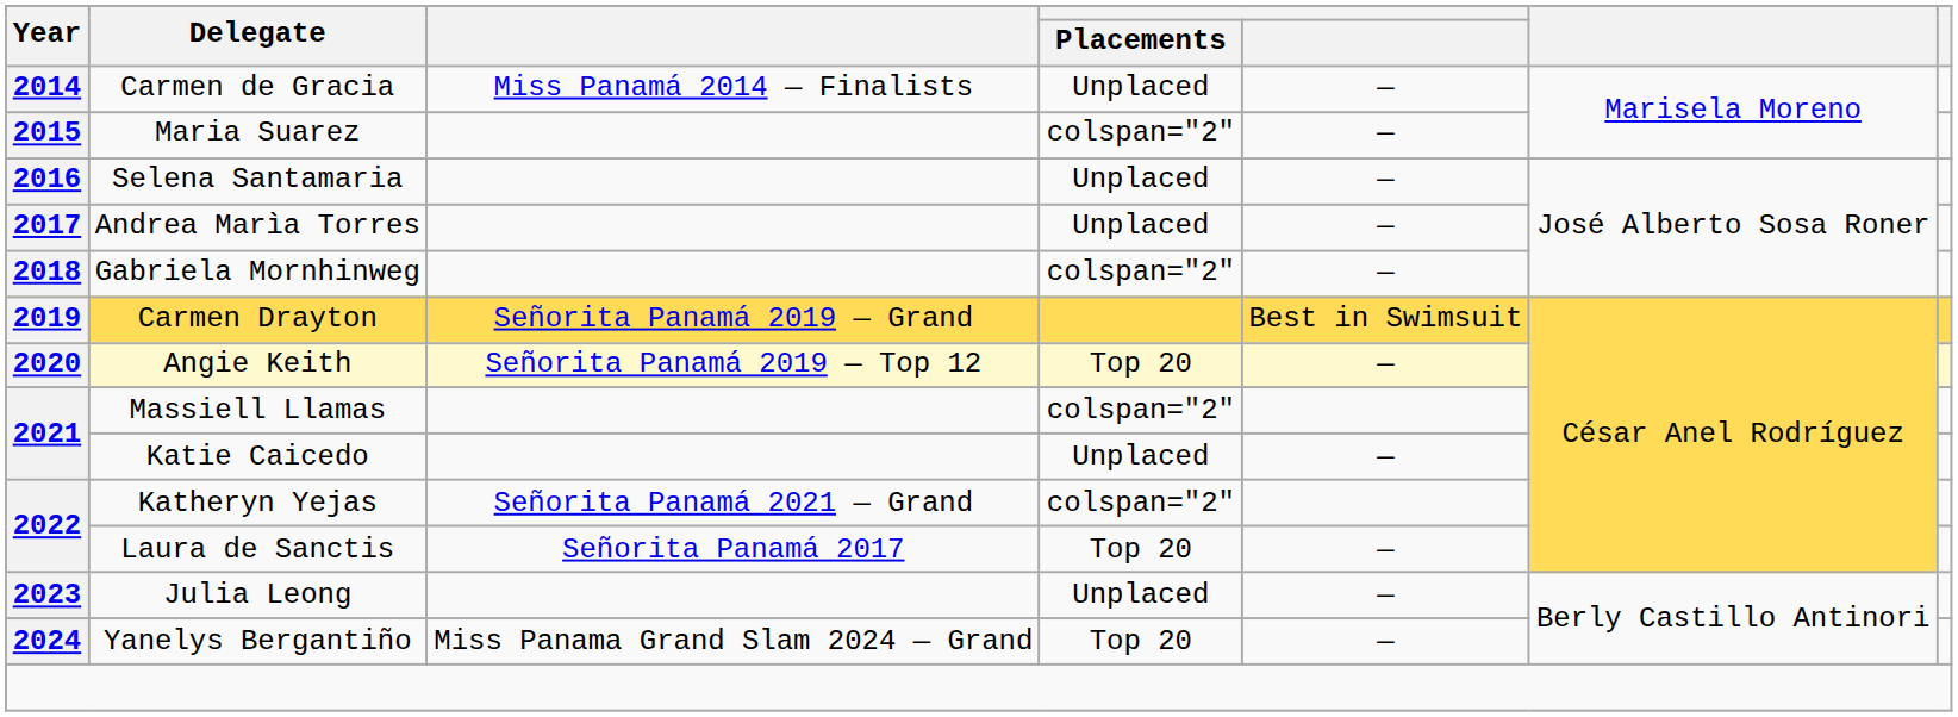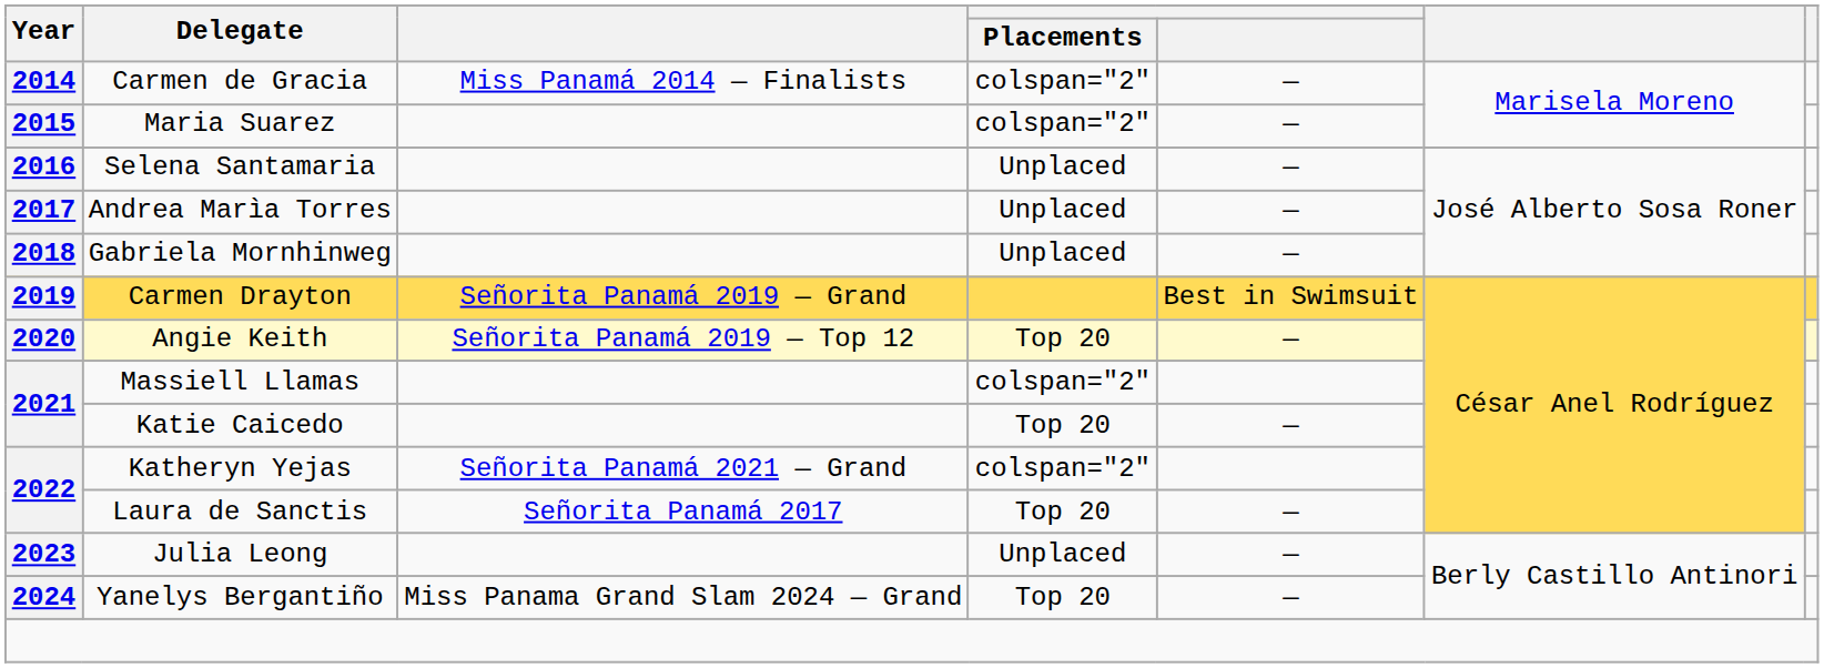 <table class="wikitable" style="font-size:95%; text-align:center">
 <tr>
 <th rowspan="2">Year</th>
 <th rowspan="2">Delegate</th>
 <th rowspan="2"></th>
 <th colspan="2"></th>
 <th rowspan="2"></th>
 <th rowspan="2"></th>
 </tr>
 <tr>
 <th>Placements</th>
 <th></th>
 </tr>
 <tr>
 <th><a href='#'>2014</a></th>
 <td>Carmen de Gracia</td>
 <td><a href='#'>Miss Panamá 2014</a> — Finalists</td>
-<td>Unplaced</td>
+<td>colspan="2" </td>
 <td>—</td>
 <td rowspan=2><a href='#'>Marisela Moreno</a></td>
 <td></td>
 </tr>
 <tr>
 <th><a href='#'>2015</a></th>
 <td>Maria Suarez</td>
 <td></td>
 <td>colspan="2" </td>
 <td>—</td>
 <td></td>
 </tr>
 <tr>
 <th><a href='#'>2016</a></th>
 <td>Selena Santamaria</td>
 <td></td>
 <td>Unplaced</td>
 <td>—</td>
 <td rowspan=3>José Alberto Sosa Roner</td>
 <td></td>
 </tr>
 <tr>
 <th><a href='#'>2017</a></th>
 <td>Andrea Marìa Torres</td>
 <td></td>
 <td>Unplaced</td>
 <td>—</td>
 <td></td>
 </tr>
 <tr>
 <th><a href='#'>2018</a></th>
 <td>Gabriela Mornhinweg</td>
 <td></td>
-<td>colspan="2" </td>
+<td>Unplaced</td>
 <td>—</td>
 <td></td>
 </tr>
 <tr bgcolor=#FFDB58>
 <th><a href='#'>2019</a></th>
 <td>Carmen Drayton</td>
 <td><a href='#'>Señorita Panamá 2019</a> — Grand</td>
 <td></td>
 <td>Best in Swimsuit</td>
 <td rowspan=6>César Anel Rodríguez</td>
 <td></td>
 </tr>
 <tr bgcolor=#FFFACD>
 <th><a href='#'>2020</a></th>
 <td>Angie Keith</td>
 <td><a href='#'>Señorita Panamá 2019</a> — Top 12</td>
 <td>Top 20</td>
 <td>—</td>
 <td></td>
 </tr>
 <tr>
 <th rowspan="2"><a href='#'>2021</a></th>
 <td>Massiell Llamas</td>
 <td></td>
 <td>colspan="2" </td>
 <td></td>
 </tr>
 <tr>
 <td>Katie Caicedo</td>
 <td></td>
-<td>Unplaced</td>
+<td>Top 20</td>
 <td>—</td>
 <td></td>
 </tr>
 <tr>
 <th rowspan="2"><a href='#'>2022</a></th>
 <td>Katheryn Yejas</td>
 <td><a href='#'>Señorita Panamá 2021</a> — Grand</td>
 <td>colspan="2" </td>
 <td></td>
 </tr>
 <tr>
 <td>Laura de Sanctis</td>
 <td><a href='#'>Señorita Panamá 2017</a></td>
 <td>Top 20</td>
 <td>—</td>
 <td></td>
 </tr>
 <tr>
 <th><a href='#'>2023</a></th>
 <td>Julia Leong</td>
 <td></td>
 <td>Unplaced</td>
 <td>—</td>
 <td rowspan=2>Berly Castillo Antinori</td>
 <td></td>
 </tr>
 <tr>
 <th><a href='#'>2024</a></th>
 <td>Yanelys Bergantiño</td>
 <td>Miss Panama Grand Slam 2024 — Grand</td>
 <td>Top 20</td>
 <td>—</td>
 <td></td>
 </tr>
 <tr>
 <td colspan="7" align=left><br></td>
 </tr>
 </table>
